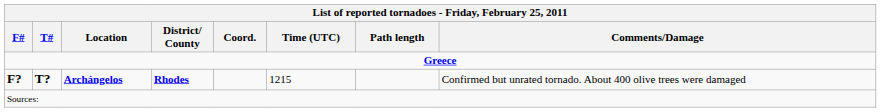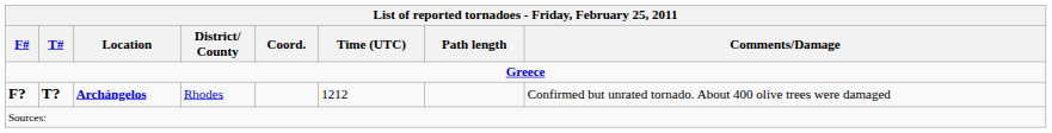 <table class="wikitable collapsible" width="100%">
 <tr>
 <th colspan="8">List of reported tornadoes - Friday, February 25, 2011</th>
 </tr>
 <tr>
 <th><a href='#'>F#</a></th>
 <th><a href='#'>T#</a></th>
 <th>Location</th>
 <th>District/<br>County</th>
 <th>Coord.</th>
 <th>Time (UTC)</th>
 <th>Path length</th>
 <th>Comments/Damage</th>
 </tr>
 <tr>
 <td colspan="8" align=center><strong><a href='#'>Greece</a></strong></td>
 </tr>
 <tr>
 <td><big><strong>F?</strong></big></td>
 <td><big><strong>T?</strong></big></td>
 <td><strong><a href='#'>Archángelos</a></strong></td>
-<td><strong><a href='#'>Rhodes</a></strong></td>
+<td><a href='#'>Rhodes</a></td>
 <td></td>
-<td>1215</td>
+<td>1212</td>
 <td></td>
 <td>Confirmed but unrated tornado. About 400 olive trees were damaged</td>
 </tr>
 <tr>
 <td colspan="8"><small>Sources:  </small></td>
 </tr>
 </table>
